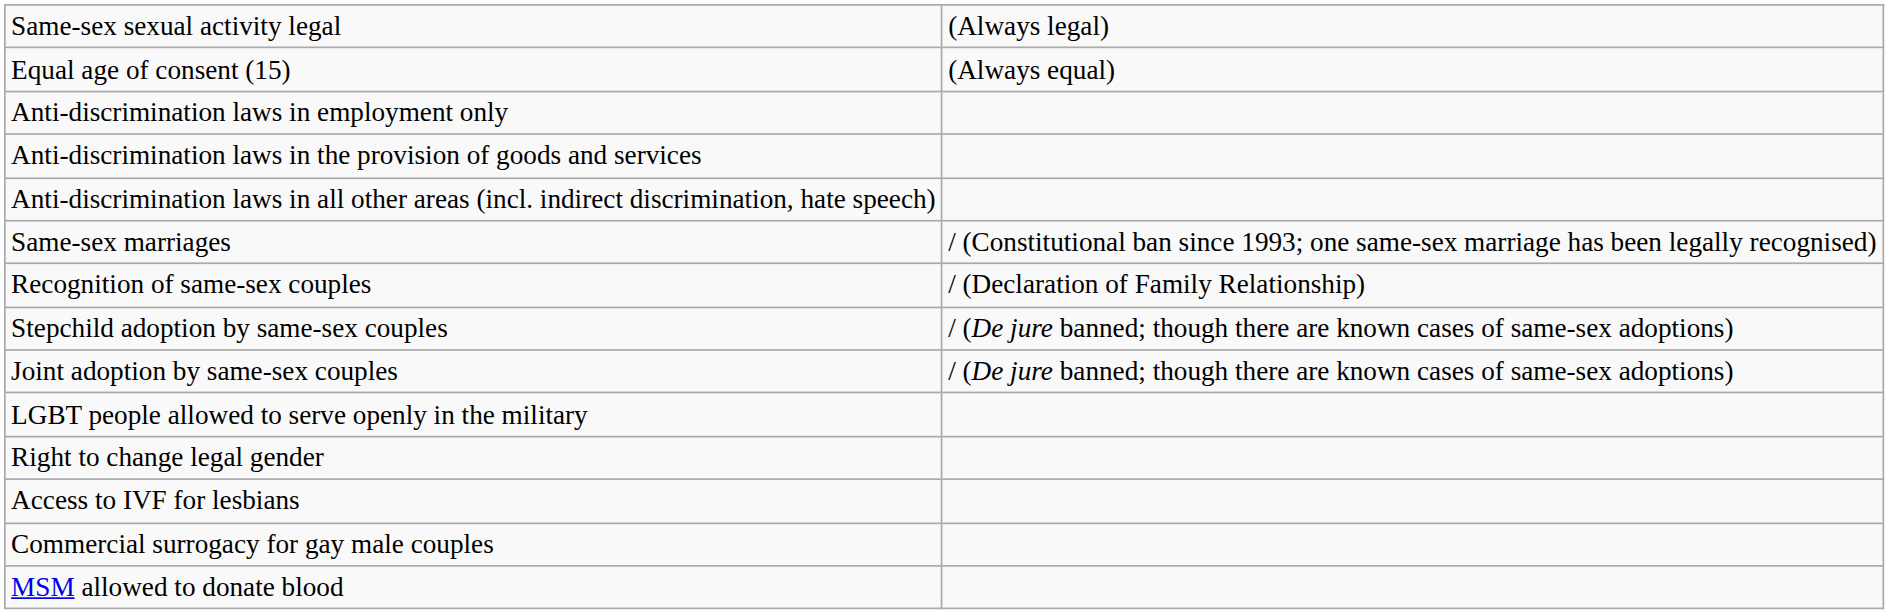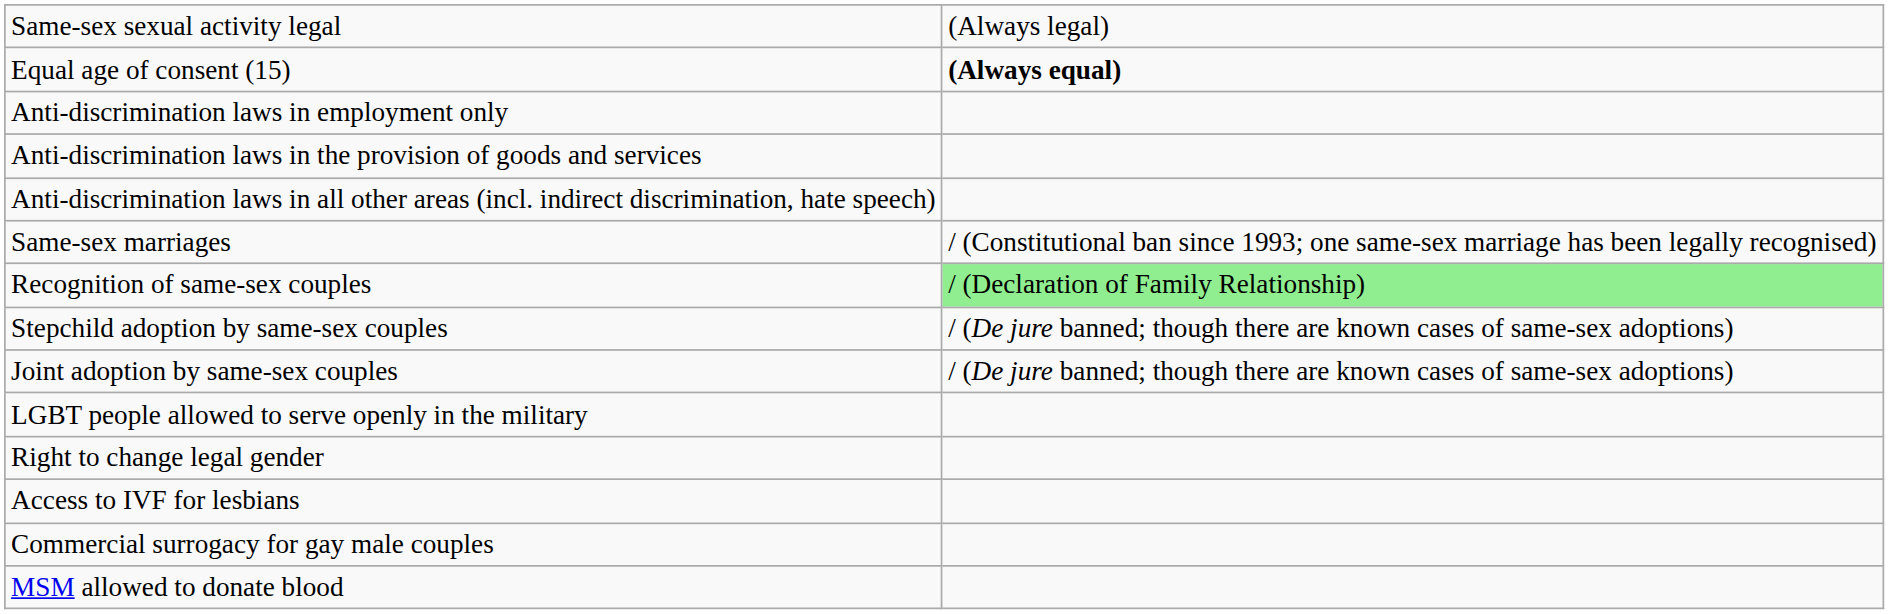 <table class="wikitable">
 <tr>
 <td>Same-sex sexual activity legal</td>
 <td> (Always legal)</td>
 </tr>
 <tr>
 <td>Equal age of consent (15)</td>
-<td> (Always equal)</td>
+<td><strong> (Always equal)</strong></td>
 </tr>
 <tr>
 <td>Anti-discrimination laws in employment only</td>
 <td></td>
 </tr>
 <tr>
 <td>Anti-discrimination laws in the provision of goods and services</td>
 <td></td>
 </tr>
 <tr>
 <td>Anti-discrimination laws in all other areas (incl. indirect discrimination, hate speech)</td>
 <td></td>
 </tr>
 <tr>
 <td>Same-sex marriages</td>
 <td>/ (Constitutional ban since 1993; one same-sex marriage has been legally recognised)</td>
 </tr>
 <tr>
 <td>Recognition of same-sex couples</td>
-<td>/ (Declaration of Family Relationship)</td>
+<td style="background: lightgreen;">/ (Declaration of Family Relationship)</td>
 </tr>
 <tr>
 <td>Stepchild adoption by same-sex couples</td>
 <td>/ (<em>De jure</em> banned; though there are known cases of same-sex adoptions)</td>
 </tr>
 <tr>
 <td>Joint adoption by same-sex couples</td>
 <td>/ (<em>De jure</em> banned; though there are known cases of same-sex adoptions)</td>
 </tr>
 <tr>
 <td>LGBT people allowed to serve openly in the military</td>
 <td></td>
 </tr>
 <tr>
 <td>Right to change legal gender</td>
 <td></td>
 </tr>
 <tr>
 <td>Access to IVF for lesbians</td>
 <td></td>
 </tr>
 <tr>
 <td>Commercial surrogacy for gay male couples</td>
 <td></td>
 </tr>
 <tr>
 <td><a href='#'>MSM</a> allowed to donate blood</td>
 <td></td>
 </tr>
 </table>
